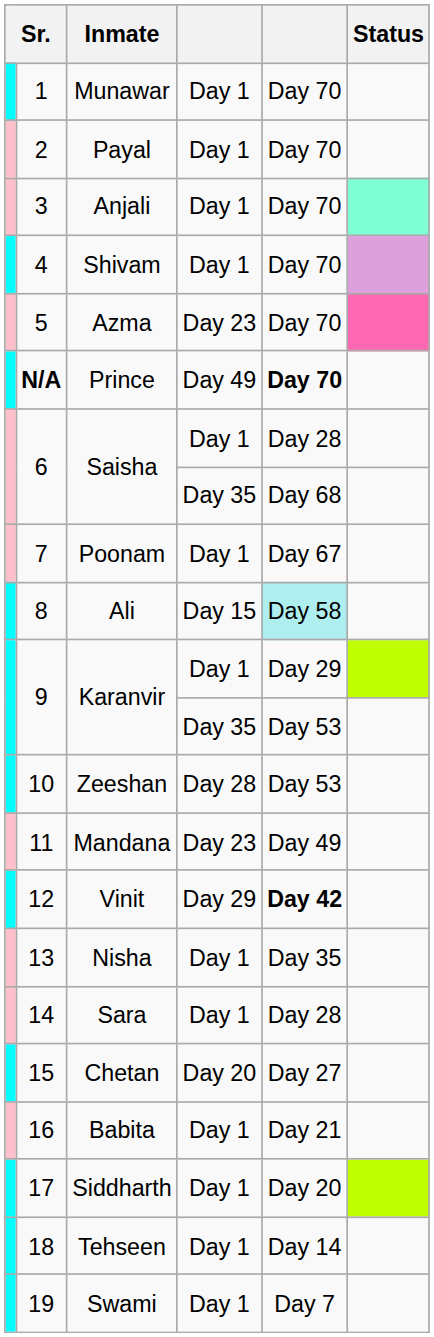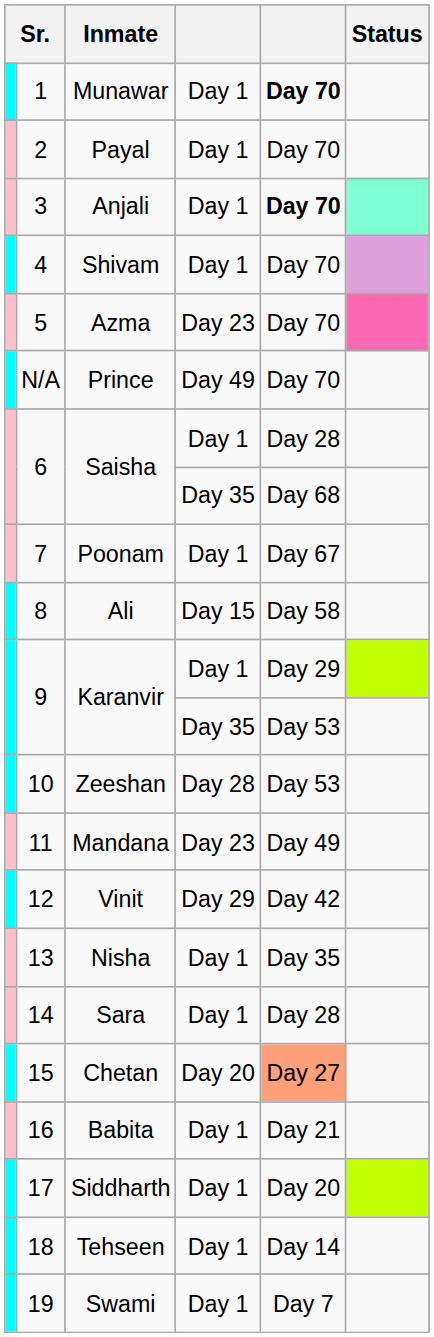 <table class="wikitable sortable" style=" text-align:center; font-size:87%; line-height:28px; width:auto;">
 <tr>
 <th colspan="2" scope="col">Sr.</th>
 <th>Inmate</th>
 <th scope="col"></th>
 <th scope="col"></th>
 <th scope="col">Status</th>
 </tr>
 <tr>
 <td style="background:Cyan;"></td>
 <td>1</td>
 <td>Munawar</td>
 <td>Day 1</td>
-<td>Day 70</td>
+<td><strong>Day 70</strong></td>
 <td></td>
 </tr>
 <tr>
 <td style="background:Pink;"></td>
 <td>2</td>
 <td>Payal</td>
 <td>Day 1</td>
 <td>Day 70</td>
 <td></td>
 </tr>
 <tr>
 <td style="background:Pink;"></td>
 <td>3</td>
 <td>Anjali</td>
 <td>Day 1</td>
-<td>Day 70</td>
+<td><strong>Day 70</strong></td>
 <td style="background:#7FFFD4;"></td>
 </tr>
 <tr>
 <td style="background:Cyan;"></td>
 <td>4</td>
 <td>Shivam</td>
 <td>Day 1</td>
 <td>Day 70</td>
 <td style="background:#DDA0DD;"></td>
 </tr>
 <tr>
 <td style="background:pink;"></td>
 <td>5</td>
 <td>Azma</td>
 <td>Day 23</td>
 <td>Day 70</td>
 <td style="background:#FF69B4;"></td>
 </tr>
 <tr>
 <td style="background:cyan;"></td>
-<td><strong>N/A</strong></td>
+<td>N/A</td>
 <td>Prince</td>
 <td>Day 49</td>
-<td><strong>Day 70</strong></td>
+<td>Day 70</td>
 <td></td>
 </tr>
 <tr>
 <td rowspan="2" style="background:pink;"></td>
 <td rowspan="2">6</td>
 <td rowspan="2">Saisha</td>
 <td>Day 1</td>
 <td>Day 28</td>
 <td></td>
 </tr>
 <tr>
 <td>Day 35</td>
 <td>Day 68</td>
 <td></td>
 </tr>
 <tr>
 <td style="background:pink;"></td>
 <td>7</td>
 <td>Poonam</td>
 <td>Day 1</td>
 <td>Day 67</td>
 <td></td>
 </tr>
 <tr>
 <td style="background:cyan;"></td>
 <td>8</td>
 <td>Ali</td>
 <td>Day 15</td>
-<td style="background: paleturquoise;">Day 58</td>
+<td>Day 58</td>
 <td></td>
 </tr>
 <tr>
 <td rowspan="2" style="background:cyan;"></td>
 <td rowspan="2">9</td>
 <td rowspan="2">Karanvir</td>
 <td>Day 1</td>
 <td>Day 29</td>
 <td style="background:#BFFF00;"></td>
 </tr>
 <tr>
 <td>Day 35</td>
 <td>Day 53</td>
 <td></td>
 </tr>
 <tr>
 <td style="background:cyan;"></td>
 <td>10</td>
 <td>Zeeshan</td>
 <td>Day 28</td>
 <td>Day 53</td>
 <td></td>
 </tr>
 <tr>
 <td style="background:pink;"></td>
 <td>11</td>
 <td>Mandana</td>
 <td>Day 23</td>
 <td>Day 49</td>
 <td></td>
 </tr>
 <tr>
 <td style="background:cyan;"></td>
 <td>12</td>
 <td>Vinit</td>
 <td>Day 29</td>
-<td><strong>Day 42</strong></td>
+<td>Day 42</td>
 <td></td>
 </tr>
 <tr>
 <td style="background:pink;"></td>
 <td>13</td>
 <td>Nisha</td>
 <td>Day 1</td>
 <td>Day 35</td>
 <td></td>
 </tr>
 <tr>
 <td style="background:pink;"></td>
 <td>14</td>
 <td>Sara</td>
 <td>Day 1</td>
 <td>Day 28</td>
 <td></td>
 </tr>
 <tr>
 <td style="background:cyan;"></td>
 <td>15</td>
 <td>Chetan</td>
 <td>Day 20</td>
-<td>Day 27</td>
+<td style="background: lightsalmon;">Day 27</td>
 <td></td>
 </tr>
 <tr>
 <td style="background:pink;"></td>
 <td>16</td>
 <td>Babita</td>
 <td>Day 1</td>
 <td>Day 21</td>
 <td></td>
 </tr>
 <tr>
 <td style="background:cyan;"></td>
 <td>17</td>
 <td>Siddharth</td>
 <td>Day 1</td>
 <td>Day 20</td>
 <td style="background:#BFFF00;"></td>
 </tr>
 <tr>
 <td style="background:cyan;"></td>
 <td>18</td>
 <td>Tehseen</td>
 <td>Day 1</td>
 <td>Day 14</td>
 <td></td>
 </tr>
 <tr>
 <td style="background:cyan;"></td>
 <td>19</td>
 <td>Swami</td>
 <td>Day 1</td>
 <td>Day 7</td>
 <td></td>
 </tr>
 </table>
